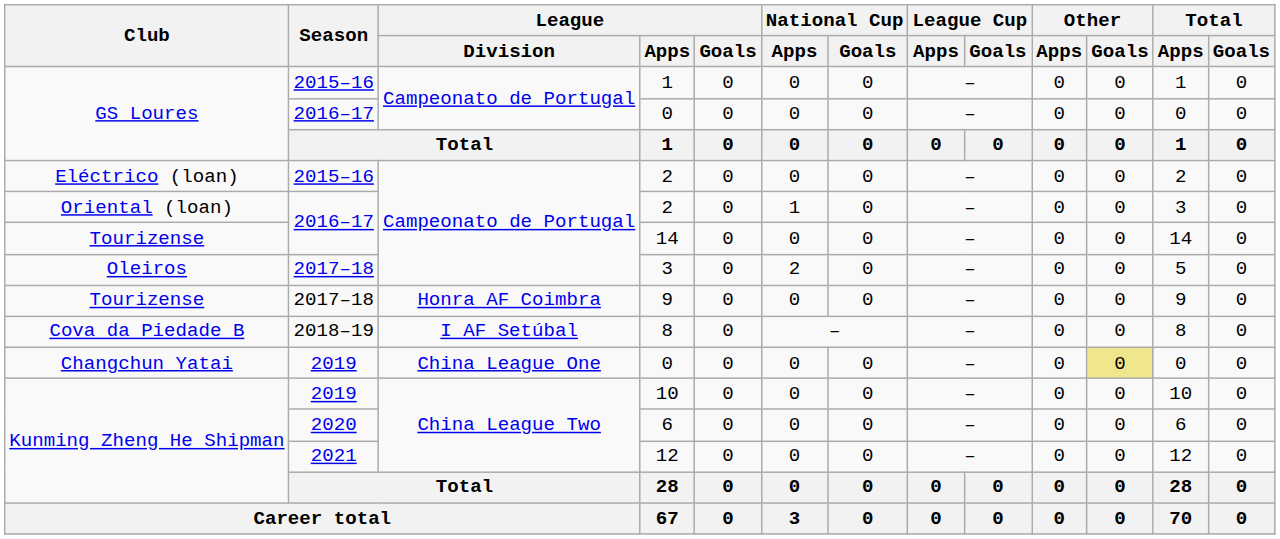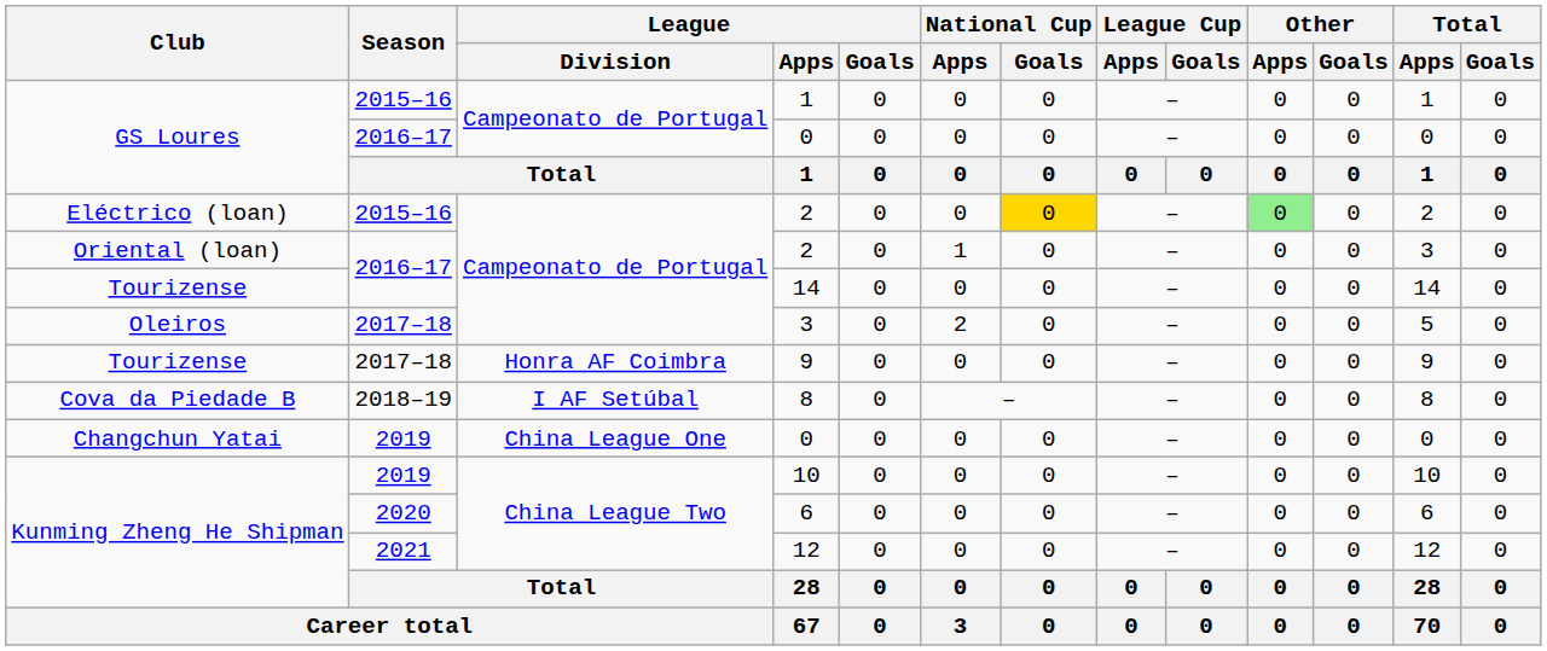 <table class="wikitable" style="text-align: center">
 <tr>
 <th rowspan="2">Club</th>
 <th rowspan="2">Season</th>
 <th colspan="3">League</th>
 <th colspan="2">National Cup</th>
 <th colspan="2">League Cup</th>
 <th colspan="2">Other</th>
 <th colspan="2">Total</th>
 </tr>
 <tr>
 <th>Division</th>
 <th>Apps</th>
 <th>Goals</th>
 <th>Apps</th>
 <th>Goals</th>
 <th>Apps</th>
 <th>Goals</th>
 <th>Apps</th>
 <th>Goals</th>
 <th>Apps</th>
 <th>Goals</th>
 </tr>
 <tr>
 <td rowspan="3"><a href='#'>GS Loures</a></td>
 <td><a href='#'>2015–16</a></td>
 <td rowspan="2"><a href='#'>Campeonato de Portugal</a></td>
 <td>1</td>
 <td>0</td>
 <td>0</td>
 <td>0</td>
 <td colspan="2">–</td>
 <td>0</td>
 <td>0</td>
 <td>1</td>
 <td>0</td>
 </tr>
 <tr>
 <td><a href='#'>2016–17</a></td>
 <td>0</td>
 <td>0</td>
 <td>0</td>
 <td>0</td>
 <td colspan="2">–</td>
 <td>0</td>
 <td>0</td>
 <td>0</td>
 <td>0</td>
 </tr>
 <tr>
 <th colspan=2>Total</th>
 <th>1</th>
 <th>0</th>
 <th>0</th>
 <th>0</th>
 <th>0</th>
 <th>0</th>
 <th>0</th>
 <th>0</th>
 <th>1</th>
 <th>0</th>
 </tr>
 <tr>
 <td><a href='#'>Eléctrico</a> (loan)</td>
 <td><a href='#'>2015–16</a></td>
 <td rowspan="4"><a href='#'>Campeonato de Portugal</a></td>
 <td>2</td>
 <td>0</td>
 <td>0</td>
-<td>0</td>
+<td style="background: gold;">0</td>
 <td colspan="2">–</td>
-<td>0</td>
+<td style="background: lightgreen;">0</td>
 <td>0</td>
 <td>2</td>
 <td>0</td>
 </tr>
 <tr>
 <td><a href='#'>Oriental</a> (loan)</td>
 <td rowspan="2"><a href='#'>2016–17</a></td>
 <td>2</td>
 <td>0</td>
 <td>1</td>
 <td>0</td>
 <td colspan="2">–</td>
 <td>0</td>
 <td>0</td>
 <td>3</td>
 <td>0</td>
 </tr>
 <tr>
 <td><a href='#'>Tourizense</a></td>
 <td>14</td>
 <td>0</td>
 <td>0</td>
 <td>0</td>
 <td colspan="2">–</td>
 <td>0</td>
 <td>0</td>
 <td>14</td>
 <td>0</td>
 </tr>
 <tr>
 <td><a href='#'>Oleiros</a></td>
 <td><a href='#'>2017–18</a></td>
 <td>3</td>
 <td>0</td>
 <td>2</td>
 <td>0</td>
 <td colspan="2">–</td>
 <td>0</td>
 <td>0</td>
 <td>5</td>
 <td>0</td>
 </tr>
 <tr>
 <td><a href='#'>Tourizense</a></td>
 <td>2017–18</td>
 <td><a href='#'>Honra AF Coimbra</a></td>
 <td>9</td>
 <td>0</td>
 <td>0</td>
 <td>0</td>
 <td colspan="2">–</td>
 <td>0</td>
 <td>0</td>
 <td>9</td>
 <td>0</td>
 </tr>
 <tr>
 <td><a href='#'>Cova da Piedade B</a></td>
 <td>2018–19</td>
 <td><a href='#'>I AF Setúbal</a></td>
 <td>8</td>
 <td>0</td>
 <td colspan="2">–</td>
 <td colspan="2">–</td>
 <td>0</td>
 <td>0</td>
 <td>8</td>
 <td>0</td>
 </tr>
 <tr>
 <td><a href='#'>Changchun Yatai</a></td>
 <td><a href='#'>2019</a></td>
 <td><a href='#'>China League One</a></td>
 <td>0</td>
 <td>0</td>
 <td>0</td>
 <td>0</td>
 <td colspan="2">–</td>
 <td>0</td>
-<td style="background: khaki;">0</td>
+<td>0</td>
 <td>0</td>
 <td>0</td>
 </tr>
 <tr>
 <td rowspan="4"><a href='#'>Kunming Zheng He Shipman</a></td>
 <td><a href='#'>2019</a></td>
 <td rowspan="3"><a href='#'>China League Two</a></td>
 <td>10</td>
 <td>0</td>
 <td>0</td>
 <td>0</td>
 <td colspan="2">–</td>
 <td>0</td>
 <td>0</td>
 <td>10</td>
 <td>0</td>
 </tr>
 <tr>
 <td><a href='#'>2020</a></td>
 <td>6</td>
 <td>0</td>
 <td>0</td>
 <td>0</td>
 <td colspan="2">–</td>
 <td>0</td>
 <td>0</td>
 <td>6</td>
 <td>0</td>
 </tr>
 <tr>
 <td><a href='#'>2021</a></td>
 <td>12</td>
 <td>0</td>
 <td>0</td>
 <td>0</td>
 <td colspan="2">–</td>
 <td>0</td>
 <td>0</td>
 <td>12</td>
 <td>0</td>
 </tr>
 <tr>
 <th colspan=2>Total</th>
 <th>28</th>
 <th>0</th>
 <th>0</th>
 <th>0</th>
 <th>0</th>
 <th>0</th>
 <th>0</th>
 <th>0</th>
 <th>28</th>
 <th>0</th>
 </tr>
 <tr>
 <th colspan=3>Career total</th>
 <th>67</th>
 <th>0</th>
 <th>3</th>
 <th>0</th>
 <th>0</th>
 <th>0</th>
 <th>0</th>
 <th>0</th>
 <th>70</th>
 <th>0</th>
 </tr>
 </table>
